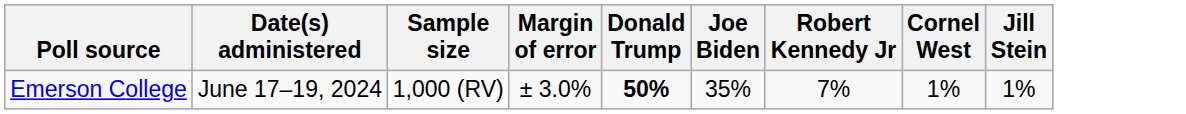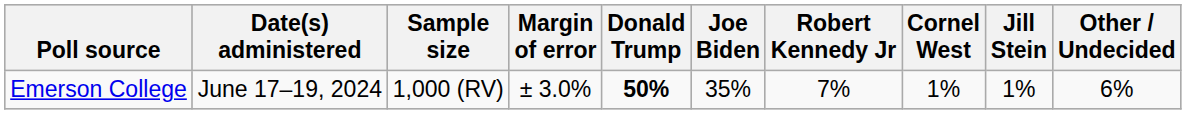 <table class="wikitable sortable mw-datatable" style="font-size:90%;text-align:center;line-height:17px">
 <tr valign=bottom>
 <th>Poll source</th>
 <th>Date(s)<br>administered</th>
 <th>Sample<br>size</th>
 <th>Margin<br>of error</th>
 <th class="unsortable">Donald<br>Trump<br></th>
 <th class="unsortable">Joe<br>Biden<br></th>
 <th class="unsortable">Robert<br>Kennedy Jr<br></th>
 <th class="unsortable">Cornel<br>West<br></th>
 <th class="unsortable">Jill<br>Stein<br></th>
+<th class="unsortable">Other /<br>Undecided</th>
 </tr>
 <tr>
 <td style="text-align:left;"><a href='#'>Emerson College</a></td>
 <td data-sort-value="2024-06-21">June 17–19, 2024</td>
 <td>1,000 (RV)</td>
 <td>± 3.0%</td>
 <td style="background-color:"><strong>50%</strong></td>
 <td>35%</td>
 <td>7%</td>
 <td>1%</td>
 <td>1%</td>
+<td>6%</td>
 </tr>
 </table>
